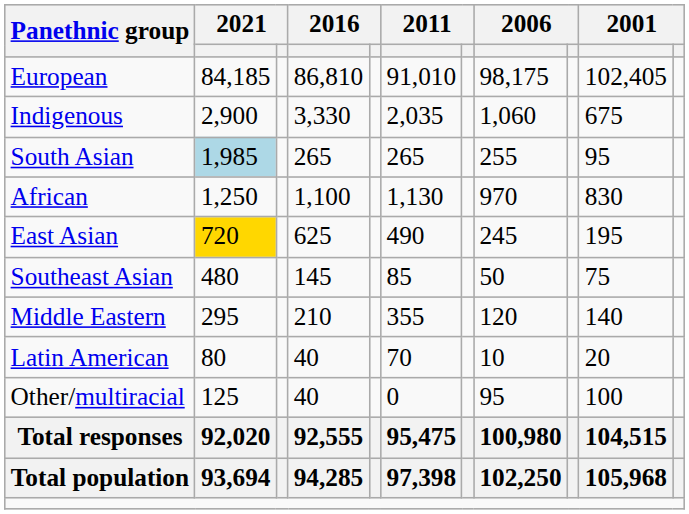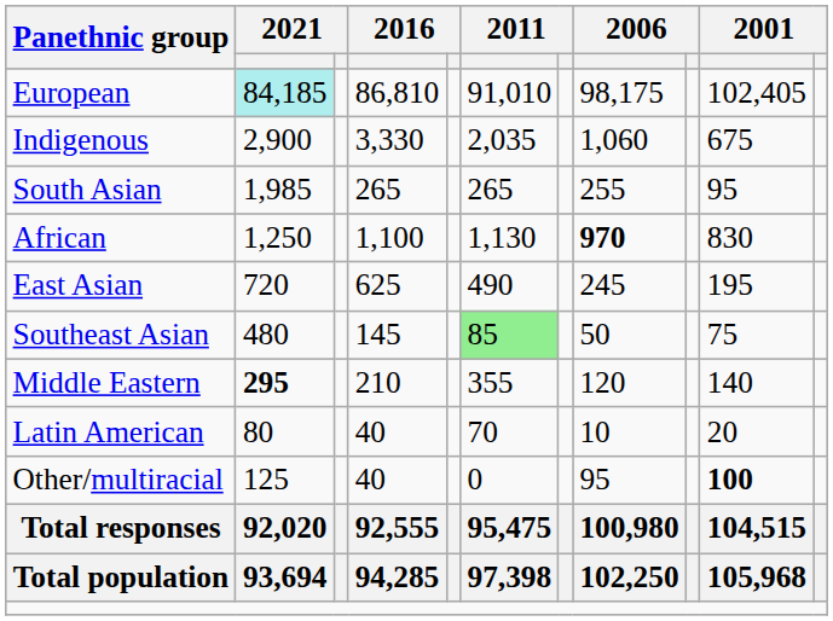 <table class="wikitable collapsible sortable">
 <tr>
 <th rowspan="2"><a href='#'>Panethnic</a> group</th>
 <th colspan="2">2021</th>
 <th colspan="2">2016</th>
 <th colspan="2">2011</th>
 <th colspan="2">2006</th>
 <th colspan="2">2001</th>
 </tr>
 <tr>
 <th><a href='#'></a></th>
 <th></th>
 <th></th>
 <th></th>
 <th></th>
 <th></th>
 <th></th>
 <th></th>
 <th></th>
 <th></th>
 </tr>
 <tr>
 <td><a href='#'>European</a></td>
-<td>84,185</td>
+<td style="background: paleturquoise;">84,185</td>
 <td></td>
 <td>86,810</td>
 <td></td>
 <td>91,010</td>
 <td></td>
 <td>98,175</td>
 <td></td>
 <td>102,405</td>
 <td></td>
 </tr>
 <tr>
 <td><a href='#'>Indigenous</a></td>
 <td>2,900</td>
 <td></td>
 <td>3,330</td>
 <td></td>
 <td>2,035</td>
 <td></td>
 <td>1,060</td>
 <td></td>
 <td>675</td>
 <td></td>
 </tr>
 <tr>
 <td><a href='#'>South Asian</a></td>
-<td style="background: lightblue;">1,985</td>
+<td>1,985</td>
 <td></td>
 <td>265</td>
 <td></td>
 <td>265</td>
 <td></td>
 <td>255</td>
 <td></td>
 <td>95</td>
 <td></td>
 </tr>
 <tr>
 <td><a href='#'>African</a></td>
 <td>1,250</td>
 <td></td>
 <td>1,100</td>
 <td></td>
 <td>1,130</td>
 <td></td>
-<td>970</td>
+<td><strong>970</strong></td>
 <td></td>
 <td>830</td>
 <td></td>
 </tr>
 <tr>
 <td><a href='#'>East Asian</a></td>
-<td style="background: gold;">720</td>
+<td>720</td>
 <td></td>
 <td>625</td>
 <td></td>
 <td>490</td>
 <td></td>
 <td>245</td>
 <td></td>
 <td>195</td>
 <td></td>
 </tr>
 <tr>
 <td><a href='#'>Southeast Asian</a></td>
 <td>480</td>
 <td></td>
 <td>145</td>
 <td></td>
-<td>85</td>
+<td style="background: lightgreen;">85</td>
 <td></td>
 <td>50</td>
 <td></td>
 <td>75</td>
 <td></td>
 </tr>
 <tr>
 <td><a href='#'>Middle Eastern</a></td>
-<td>295</td>
+<td><strong>295</strong></td>
 <td></td>
 <td>210</td>
 <td></td>
 <td>355</td>
 <td></td>
 <td>120</td>
 <td></td>
 <td>140</td>
 <td></td>
 </tr>
 <tr>
 <td><a href='#'>Latin American</a></td>
 <td>80</td>
 <td></td>
 <td>40</td>
 <td></td>
 <td>70</td>
 <td></td>
 <td>10</td>
 <td></td>
 <td>20</td>
 <td></td>
 </tr>
 <tr>
 <td>Other/<a href='#'>multiracial</a></td>
 <td>125</td>
 <td></td>
 <td>40</td>
 <td></td>
 <td>0</td>
 <td></td>
 <td>95</td>
 <td></td>
-<td>100</td>
+<td><strong>100</strong></td>
 <td></td>
 </tr>
 <tr>
 <th>Total responses</th>
 <th>92,020</th>
 <th></th>
 <th>92,555</th>
 <th></th>
 <th>95,475</th>
 <th></th>
 <th>100,980</th>
 <th></th>
 <th>104,515</th>
 <th></th>
 </tr>
 <tr class="sortbottom">
 <th>Total population</th>
 <th>93,694</th>
 <th></th>
 <th>94,285</th>
 <th></th>
 <th>97,398</th>
 <th></th>
 <th>102,250</th>
 <th></th>
 <th>105,968</th>
 <th></th>
 </tr>
 <tr class="sortbottom">
 <td colspan="11"></td>
 </tr>
 </table>
